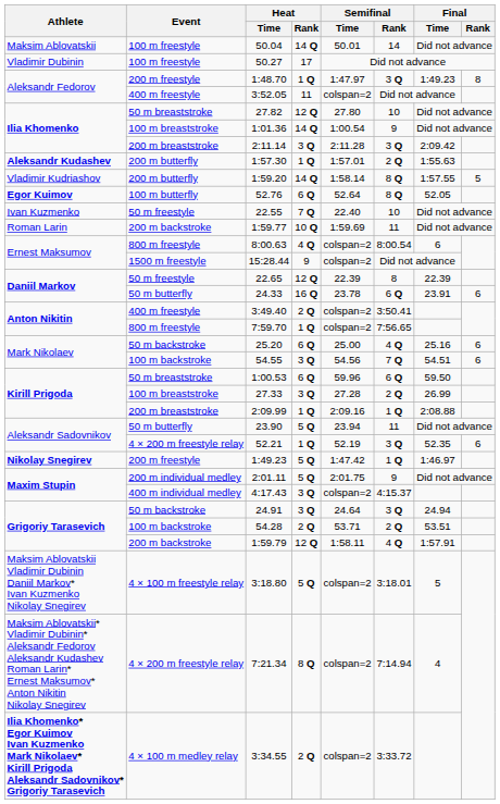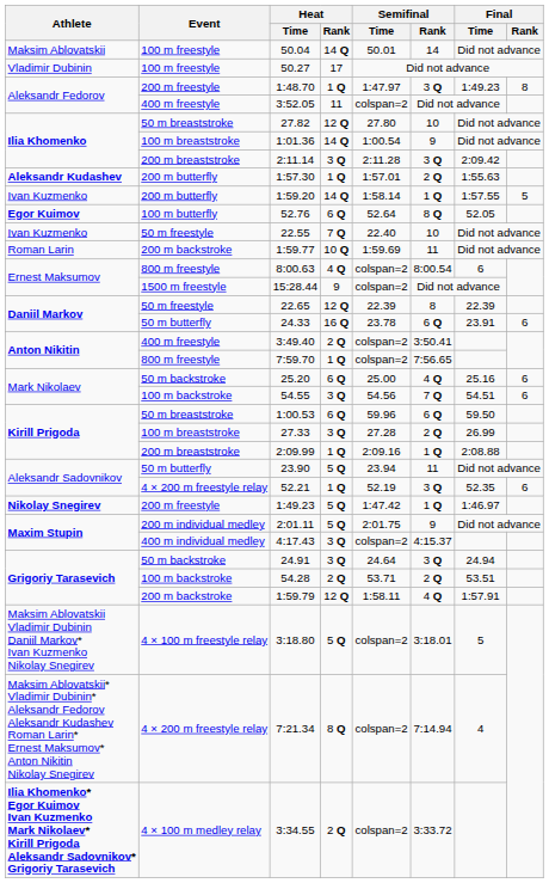 <table class="wikitable" style="text-align:center; font-size:90%">
 <tr>
 <th rowspan=2>Athlete</th>
 <th rowspan=2>Event</th>
 <th colspan=2>Heat</th>
 <th colspan=2>Semifinal</th>
 <th colspan=2>Final</th>
 </tr>
 <tr style="font-size:95%">
 <th>Time</th>
 <th>Rank</th>
 <th>Time</th>
 <th>Rank</th>
 <th>Time</th>
 <th>Rank</th>
 </tr>
 <tr>
 <td align=left><a href='#'>Maksim Ablovatskii</a></td>
 <td align=left><a href='#'>100 m freestyle</a></td>
 <td>50.04</td>
 <td>14 <strong>Q</strong></td>
 <td>50.01</td>
 <td>14</td>
 <td colspan=2>Did not advance</td>
 </tr>
 <tr>
 <td align=left><a href='#'>Vladimir Dubinin</a></td>
 <td align=left><a href='#'>100 m freestyle</a></td>
 <td>50.27</td>
 <td>17</td>
 <td colspan=4>Did not advance</td>
 </tr>
 <tr>
 <td rowspan=2 align=left><a href='#'>Aleksandr Fedorov</a></td>
 <td align=left><a href='#'>200 m freestyle</a></td>
 <td>1:48.70</td>
 <td>1 <strong>Q</strong></td>
 <td>1:47.97</td>
 <td>3 <strong>Q</strong></td>
 <td>1:49.23</td>
 <td>8</td>
 </tr>
 <tr>
 <td align=left><a href='#'>400 m freestyle</a></td>
 <td>3:52.05</td>
 <td>11</td>
 <td>colspan=2 </td>
 <td colspan=2>Did not advance</td>
 </tr>
 <tr>
 <td rowspan=3 align=left><strong><a href='#'>Ilia Khomenko</a></strong></td>
 <td align=left><a href='#'>50 m breaststroke</a></td>
 <td>27.82</td>
 <td>12 <strong>Q</strong></td>
 <td>27.80</td>
 <td>10</td>
 <td colspan=2>Did not advance</td>
 </tr>
 <tr>
 <td align=left><a href='#'>100 m breaststroke</a></td>
 <td>1:01.36</td>
 <td>14 <strong>Q</strong></td>
 <td>1:00.54</td>
 <td>9</td>
 <td colspan=2>Did not advance</td>
 </tr>
 <tr>
 <td align=left><a href='#'>200 m breaststroke</a></td>
 <td>2:11.14</td>
 <td>3 <strong>Q</strong></td>
 <td>2:11.28</td>
 <td>3 <strong>Q</strong></td>
 <td>2:09.42</td>
 <td></td>
 </tr>
 <tr>
 <td align=left><strong><a href='#'>Aleksandr Kudashev</a></strong></td>
 <td align=left><a href='#'>200 m butterfly</a></td>
 <td>1:57.30</td>
 <td>1 <strong>Q</strong></td>
 <td>1:57.01</td>
 <td>2 <strong>Q</strong></td>
 <td>1:55.63</td>
 <td></td>
 </tr>
 <tr>
-<td align=left><a href='#'>Vladimir Kudriashov</a></td>
+<td align=left><a href='#'>Ivan Kuzmenko</a></td>
 <td align=left><a href='#'>200 m butterfly</a></td>
 <td>1:59.20</td>
 <td>14 <strong>Q</strong></td>
 <td>1:58.14</td>
-<td>8 <strong>Q</strong></td>
+<td>1 <strong>Q</strong></td>
 <td>1:57.55</td>
 <td>5</td>
 </tr>
 <tr>
 <td align=left><strong><a href='#'>Egor Kuimov</a></strong></td>
 <td align=left><a href='#'>100 m butterfly</a></td>
 <td>52.76</td>
 <td>6 <strong>Q</strong></td>
 <td>52.64</td>
 <td>8 <strong>Q</strong></td>
 <td>52.05</td>
 <td></td>
 </tr>
 <tr>
 <td align=left><a href='#'>Ivan Kuzmenko</a></td>
 <td align=left><a href='#'>50 m freestyle</a></td>
 <td>22.55</td>
 <td>7 <strong>Q</strong></td>
 <td>22.40</td>
 <td>10</td>
 <td colspan="2">Did not advance</td>
 </tr>
 <tr>
 <td align=left><a href='#'>Roman Larin</a></td>
 <td align=left><a href='#'>200 m backstroke</a></td>
 <td>1:59.77</td>
 <td>10 <strong>Q</strong></td>
 <td>1:59.69</td>
 <td>11</td>
 <td colspan=2>Did not advance</td>
 </tr>
 <tr>
 <td rowspan=2 align=left><a href='#'>Ernest Maksumov</a></td>
 <td align=left><a href='#'>800 m freestyle</a></td>
 <td>8:00.63</td>
 <td>4 <strong>Q</strong></td>
 <td>colspan=2 </td>
 <td>8:00.54</td>
 <td>6</td>
 </tr>
 <tr>
 <td align=left><a href='#'>1500 m freestyle</a></td>
 <td>15:28.44</td>
 <td>9</td>
 <td>colspan=2 </td>
 <td colspan=2>Did not advance</td>
 </tr>
 <tr>
 <td rowspan=2 align=left><strong><a href='#'>Daniil Markov</a></strong></td>
 <td align=left><a href='#'>50 m freestyle</a></td>
 <td>22.65</td>
 <td>12 <strong>Q</strong></td>
 <td>22.39</td>
 <td>8</td>
 <td>22.39</td>
 <td></td>
 </tr>
 <tr>
 <td align=left><a href='#'>50 m butterfly</a></td>
 <td>24.33</td>
 <td>16 <strong>Q</strong></td>
 <td>23.78</td>
 <td>6 <strong>Q</strong></td>
 <td>23.91</td>
 <td>6</td>
 </tr>
 <tr>
 <td rowspan=2 align=left><strong><a href='#'>Anton Nikitin</a></strong></td>
 <td align=left><a href='#'>400 m freestyle</a></td>
 <td>3:49.40</td>
 <td>2 <strong>Q</strong></td>
 <td>colspan=2 </td>
 <td>3:50.41</td>
 <td></td>
 </tr>
 <tr>
 <td align=left><a href='#'>800 m freestyle</a></td>
 <td>7:59.70</td>
 <td>1 <strong>Q</strong></td>
 <td>colspan=2 </td>
 <td>7:56.65</td>
 <td></td>
 </tr>
 <tr>
 <td rowspan=2 align=left><a href='#'>Mark Nikolaev</a></td>
 <td align=left><a href='#'>50 m backstroke</a></td>
 <td>25.20</td>
 <td>6 <strong>Q</strong></td>
 <td>25.00</td>
 <td>4 <strong>Q</strong></td>
 <td>25.16</td>
 <td>6</td>
 </tr>
 <tr>
 <td align=left><a href='#'>100 m backstroke</a></td>
 <td>54.55</td>
 <td>3 <strong>Q</strong></td>
 <td>54.56</td>
 <td>7 <strong>Q</strong></td>
 <td>54.51</td>
 <td>6</td>
 </tr>
 <tr>
 <td rowspan=3 align=left><strong><a href='#'>Kirill Prigoda</a></strong></td>
 <td align=left><a href='#'>50 m breaststroke</a></td>
 <td>1:00.53</td>
 <td>6 <strong>Q</strong></td>
 <td>59.96</td>
 <td>6 <strong>Q</strong></td>
 <td>59.50</td>
 <td></td>
 </tr>
 <tr>
 <td align=left><a href='#'>100 m breaststroke</a></td>
 <td>27.33</td>
 <td>3 <strong>Q</strong></td>
 <td>27.28</td>
 <td>2 <strong>Q</strong></td>
 <td>26.99</td>
 <td></td>
 </tr>
 <tr>
 <td align=left><a href='#'>200 m breaststroke</a></td>
 <td>2:09.99</td>
 <td>1 <strong>Q</strong></td>
 <td>2:09.16</td>
 <td>1 <strong>Q</strong></td>
 <td>2:08.88</td>
 <td></td>
 </tr>
 <tr>
 <td rowspan=2 align=left><a href='#'>Aleksandr Sadovnikov</a></td>
 <td align=left><a href='#'>50 m butterfly</a></td>
 <td>23.90</td>
 <td>5 <strong>Q</strong></td>
 <td>23.94</td>
 <td>11</td>
 <td colspan=2>Did not advance</td>
 </tr>
 <tr>
 <td align=left><a href='#'>4 × 200 m freestyle relay</a></td>
 <td>52.21</td>
 <td>1 <strong>Q</strong></td>
 <td>52.19</td>
 <td>3 <strong>Q</strong></td>
 <td>52.35</td>
 <td>6</td>
 </tr>
 <tr>
 <td align=left><strong><a href='#'>Nikolay Snegirev</a></strong></td>
 <td align=left><a href='#'>200 m freestyle</a></td>
 <td>1:49.23</td>
 <td>5 <strong>Q</strong></td>
 <td>1:47.42</td>
 <td>1 <strong>Q</strong></td>
 <td>1:46.97</td>
 <td></td>
 </tr>
 <tr>
 <td rowspan=2 align=left><strong><a href='#'>Maxim Stupin</a></strong></td>
 <td align=left><a href='#'>200 m individual medley</a></td>
 <td>2:01.11</td>
 <td>5 <strong>Q</strong></td>
 <td>2:01.75</td>
 <td>9</td>
 <td colspan=2>Did not advance</td>
 </tr>
 <tr>
 <td align=left><a href='#'>400 m individual medley</a></td>
 <td>4:17.43</td>
 <td>3 <strong>Q</strong></td>
 <td>colspan=2 </td>
 <td>4:15.37</td>
 <td></td>
 </tr>
 <tr>
 <td rowspan=3 align=left><strong><a href='#'>Grigoriy Tarasevich</a></strong></td>
 <td align=left><a href='#'>50 m backstroke</a></td>
 <td>24.91</td>
 <td>3 <strong>Q</strong></td>
 <td>24.64</td>
 <td>3 <strong>Q</strong></td>
 <td>24.94</td>
 <td></td>
 </tr>
 <tr>
 <td align=left><a href='#'>100 m backstroke</a></td>
 <td>54.28</td>
 <td>2 <strong>Q</strong></td>
 <td>53.71</td>
 <td>2 <strong>Q</strong></td>
 <td>53.51</td>
 <td></td>
 </tr>
 <tr>
 <td align=left><a href='#'>200 m backstroke</a></td>
 <td>1:59.79</td>
 <td>12 <strong>Q</strong></td>
 <td>1:58.11</td>
 <td>4 <strong>Q</strong></td>
 <td>1:57.91</td>
 <td></td>
 </tr>
 <tr>
 <td align=left><a href='#'>Maksim Ablovatskii</a><br><a href='#'>Vladimir Dubinin</a><br><a href='#'>Daniil Markov</a>*<br><a href='#'>Ivan Kuzmenko</a><br><a href='#'>Nikolay Snegirev</a></td>
 <td align=left><a href='#'>4 × 100 m freestyle relay</a></td>
 <td>3:18.80</td>
 <td>5 <strong>Q</strong></td>
 <td>colspan=2 </td>
 <td>3:18.01</td>
 <td>5</td>
 </tr>
 <tr>
 <td align=left><a href='#'>Maksim Ablovatskii</a>*<br><a href='#'>Vladimir Dubinin</a>*<br><a href='#'>Aleksandr Fedorov</a><br><a href='#'>Aleksandr Kudashev</a><br><a href='#'>Roman Larin</a>*<br><a href='#'>Ernest Maksumov</a>*<br><a href='#'>Anton Nikitin</a><br><a href='#'>Nikolay Snegirev</a></td>
 <td align=left><a href='#'>4 × 200 m freestyle relay</a></td>
 <td>7:21.34</td>
 <td>8 <strong>Q</strong></td>
 <td>colspan=2 </td>
 <td>7:14.94</td>
 <td>4</td>
 </tr>
 <tr>
 <td align=left><strong><a href='#'>Ilia Khomenko</a>*<br><a href='#'>Egor Kuimov</a><br><a href='#'>Ivan Kuzmenko</a><br><a href='#'>Mark Nikolaev</a>*<br><a href='#'>Kirill Prigoda</a><br><a href='#'>Aleksandr Sadovnikov</a>*<br><a href='#'>Grigoriy Tarasevich</a></strong></td>
 <td align=left><a href='#'>4 × 100 m medley relay</a></td>
 <td>3:34.55</td>
 <td>2 <strong>Q</strong></td>
 <td>colspan=2 </td>
 <td>3:33.72</td>
 <td></td>
 </tr>
 </table>
